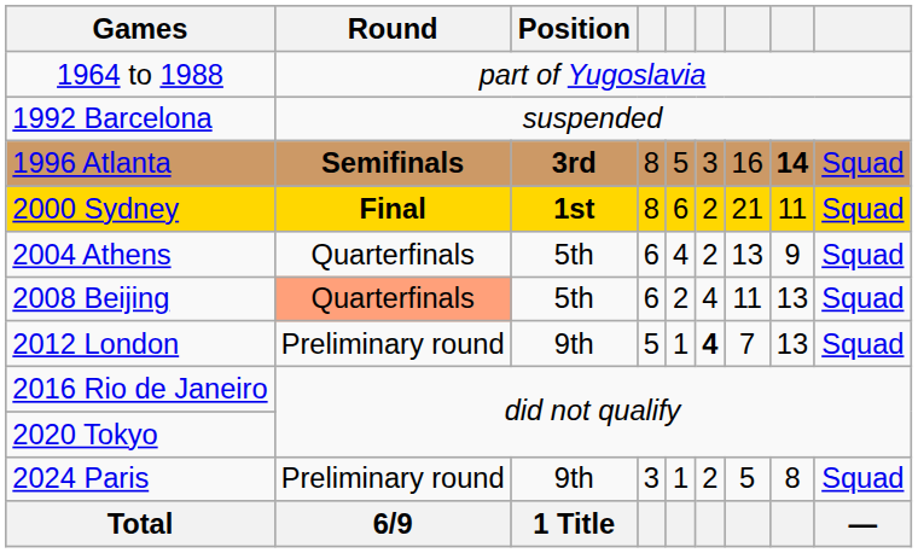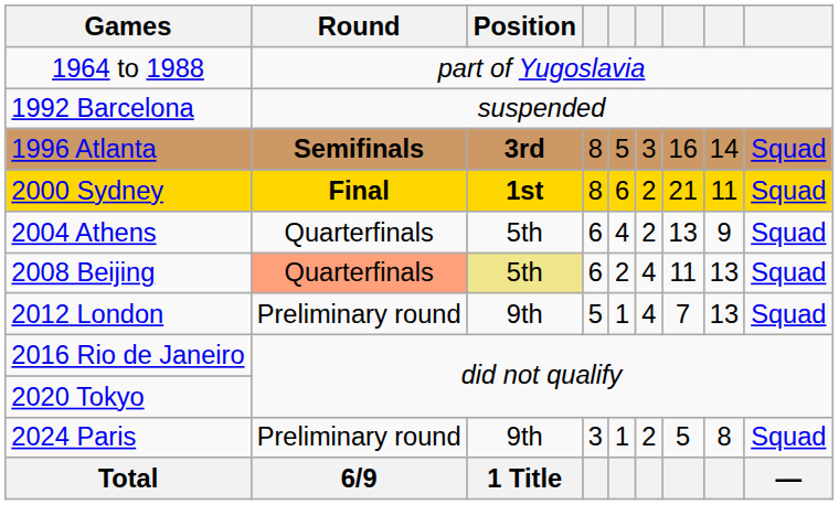 <table class="wikitable" style="text-align:center; font-size:90%;">
 <tr>
 <th>Games</th>
 <th>Round</th>
 <th>Position</th>
 <th></th>
 <th></th>
 <th></th>
 <th></th>
 <th></th>
 <th></th>
 </tr>
 <tr>
 <td><a href='#'>1964</a> to <a href='#'>1988</a></td>
 <td colspan=9><em>part of <a href='#'>Yugoslavia</a></em></td>
 </tr>
 <tr>
 <td style="text-align: left;"> <a href='#'>1992 Barcelona</a></td>
 <td colspan="9"><em>suspended</em></td>
 </tr>
 <tr style="background:#cc9966;">
 <td style="text-align: left;"> <a href='#'>1996 Atlanta</a></td>
 <td><strong>Semifinals</strong></td>
 <td><strong>3rd</strong> </td>
 <td>8</td>
 <td>5</td>
 <td>3</td>
 <td>16</td>
-<td><strong>14</strong></td>
+<td>14</td>
 <td><a href='#'>Squad</a></td>
 </tr>
 <tr style="background:gold;">
 <td align=left> <a href='#'>2000 Sydney</a></td>
 <td><strong>Final</strong></td>
 <td><strong>1st</strong> </td>
 <td>8</td>
 <td>6</td>
 <td>2</td>
 <td>21</td>
 <td>11</td>
 <td><a href='#'>Squad</a></td>
 </tr>
 <tr>
 <td align=left> <a href='#'>2004 Athens</a></td>
 <td>Quarterfinals</td>
 <td>5th</td>
 <td>6</td>
 <td>4</td>
 <td>2</td>
 <td>13</td>
 <td>9</td>
 <td><a href='#'>Squad</a></td>
 </tr>
 <tr>
 <td align=left> <a href='#'>2008 Beijing</a></td>
 <td style="background: lightsalmon;">Quarterfinals</td>
-<td>5th</td>
+<td style="background: khaki;">5th</td>
 <td>6</td>
 <td>2</td>
 <td>4</td>
 <td>11</td>
 <td>13</td>
 <td><a href='#'>Squad</a></td>
 </tr>
 <tr>
 <td align=left> <a href='#'>2012 London</a></td>
 <td>Preliminary round</td>
 <td>9th</td>
 <td>5</td>
 <td>1</td>
-<td><strong>4</strong></td>
+<td>4</td>
 <td>7</td>
 <td>13</td>
 <td><a href='#'>Squad</a></td>
 </tr>
 <tr>
 <td align=left> <a href='#'>2016 Rio de Janeiro</a></td>
 <td colspan=9 rowspan=2><em>did not qualify</em></td>
 </tr>
 <tr>
 <td align=left> <a href='#'>2020 Tokyo</a></td>
 </tr>
 <tr>
 <td align=left> <a href='#'>2024 Paris</a></td>
 <td>Preliminary round</td>
 <td>9th</td>
 <td>3</td>
 <td>1</td>
 <td>2</td>
 <td>5</td>
 <td>8</td>
 <td><a href='#'>Squad</a></td>
 </tr>
 <tr>
 <th>Total</th>
 <th>6/9</th>
 <th>1 Title</th>
 <th></th>
 <th></th>
 <th></th>
 <th></th>
 <th></th>
 <th>—</th>
 </tr>
 </table>
